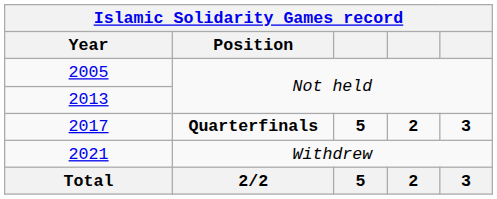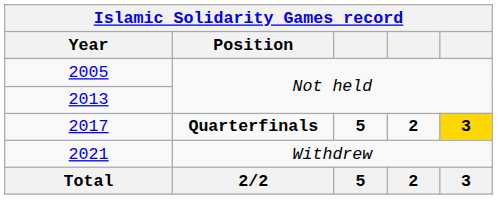 <table class="wikitable" style="text-align: center;">
 <tr>
 <th colspan=9><a href='#'>Islamic Solidarity Games record</a></th>
 </tr>
 <tr>
 <th width=125>Year</th>
 <th width=120>Position</th>
 <th width=35></th>
 <th width=35></th>
 <th width=35></th>
 </tr>
 <tr>
 <td> <a href='#'>2005</a></td>
 <td colspan=9 rowspan="2"><em>Not held</em></td>
 </tr>
 <tr>
 <td> <a href='#'>2013</a></td>
 </tr>
 <tr>
 <td> <a href='#'>2017</a></td>
 <td><strong>Quarterfinals</strong></td>
 <td><strong>5</strong></td>
 <td><strong>2</strong></td>
-<td><strong>3</strong></td>
+<td style="background: gold;"><strong>3</strong></td>
 </tr>
 <tr>
 <td> <a href='#'>2021</a></td>
 <td colspan="4"><em>Withdrew</em></td>
 </tr>
 <tr>
 <th>Total</th>
 <th>2/2</th>
 <th>5</th>
 <th>2</th>
 <th>3</th>
 </tr>
 </table>
